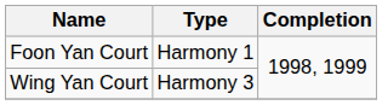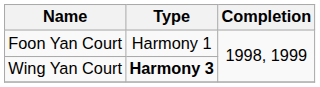 <table class="wikitable" style="text-align: center">
 <tr>
 <th>Name</th>
 <th>Type</th>
 <th>Completion</th>
 </tr>
 <tr>
 <td>Foon Yan Court</td>
 <td>Harmony 1</td>
 <td rowspan="2">1998, 1999</td>
 </tr>
 <tr>
 <td>Wing Yan Court</td>
-<td>Harmony 3</td>
+<td><strong>Harmony 3</strong></td>
 </tr>
 <tr>
 </tr>
 </table>
